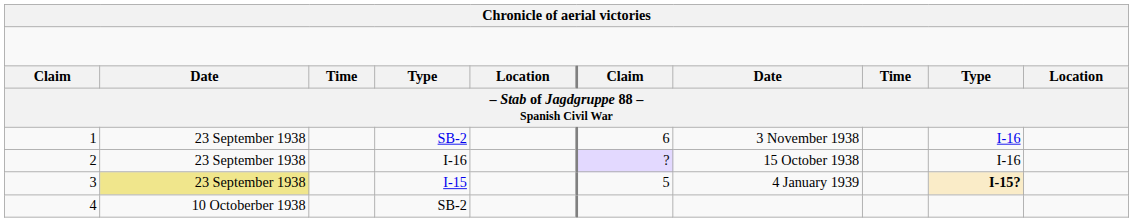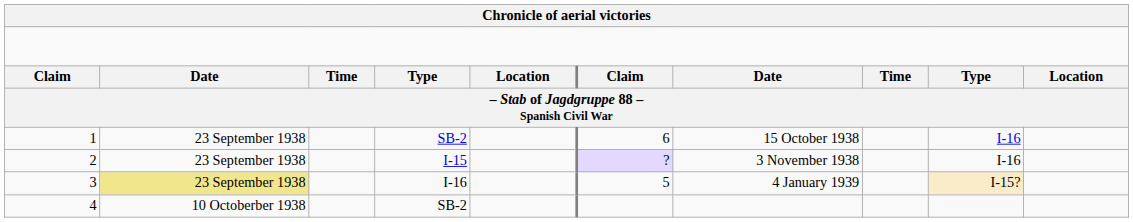 <table class="wikitable plainrowheaders collapsible" style="margin-left: auto; margin-right: auto; border: none; text-align:right; width: 100%;">
 <tr>
 <th colspan="10">Chronicle of aerial victories</th>
 </tr>
 <tr>
 <td colspan="10" style="text-align: left;"><br><br> </td>
 </tr>
 <tr>
 <th scope="col" width="100px">Claim</th>
 <th scope="col">Date</th>
 <th scope="col">Time</th>
 <th scope="col" width="100px">Type</th>
 <th scope="col">Location</th>
 <th scope="col" style="border-left: 3px solid grey;" width="100px">Claim</th>
 <th scope="col">Date</th>
 <th scope="col">Time</th>
 <th scope="col" width="100px">Type</th>
 <th scope="col">Location</th>
 </tr>
 <tr>
 <th colspan="10">– <em>Stab</em> of <em>Jagdgruppe</em> 88 –<br><small>Spanish Civil War</small></th>
 </tr>
 <tr>
 <td>1</td>
 <td>23 September 1938</td>
 <td></td>
 <td><a href='#'>SB-2</a></td>
 <td></td>
 <td style="border-left: 3px solid grey;">6</td>
-<td>3 November 1938</td>
+<td>15 October 1938</td>
 <td></td>
 <td><a href='#'>I-16</a></td>
 <td></td>
 </tr>
 <tr>
 <td>2</td>
 <td>23 September 1938</td>
 <td></td>
-<td>I-16</td>
+<td><a href='#'>I-15</a></td>
 <td></td>
 <td style="border-left: 3px solid grey; background:#e3d9ff;">?</td>
-<td>15 October 1938</td>
+<td>3 November 1938</td>
 <td></td>
 <td>I-16</td>
 <td></td>
 </tr>
 <tr>
 <td>3</td>
 <td style="background: khaki;">23 September 1938</td>
 <td></td>
-<td><a href='#'>I-15</a></td>
+<td>I-16</td>
 <td></td>
 <td style="border-left: 3px solid grey;">5</td>
 <td>4 January 1939</td>
 <td></td>
-<td style="background:#faecc8"><strong>I-15?</strong></td>
+<td style="background:#faecc8">I-15?</td>
 <td></td>
 </tr>
 <tr>
 <td>4</td>
 <td>10 Octoberber 1938</td>
 <td></td>
 <td>SB-2</td>
 <td></td>
 <td style="border-left: 3px solid grey;"></td>
 <td></td>
 <td></td>
 <td></td>
 <td></td>
 </tr>
 </table>
